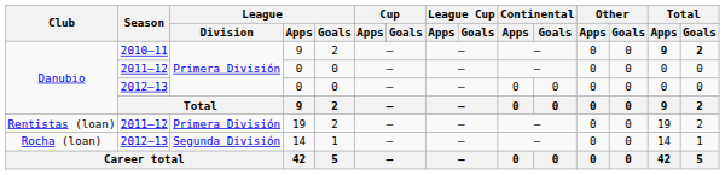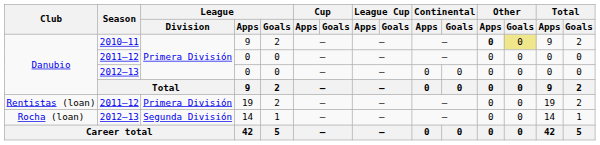 <table class="wikitable" style="text-align:center">
 <tr>
 <th rowspan="2">Club</th>
 <th rowspan="2">Season</th>
 <th colspan="3">League</th>
 <th colspan="2">Cup</th>
 <th colspan="2">League Cup</th>
 <th colspan="2">Continental</th>
 <th colspan="2">Other</th>
 <th colspan="2">Total</th>
 </tr>
 <tr>
 <th>Division</th>
 <th>Apps</th>
 <th>Goals</th>
 <th>Apps</th>
 <th>Goals</th>
 <th>Apps</th>
 <th>Goals</th>
 <th>Apps</th>
 <th>Goals</th>
 <th>Apps</th>
 <th>Goals</th>
 <th>Apps</th>
 <th>Goals</th>
 </tr>
 <tr>
 <td rowspan="4"><a href='#'>Danubio</a></td>
 <td><a href='#'>2010–11</a></td>
 <td rowspan="3"><a href='#'>Primera División</a></td>
 <td>9</td>
 <td>2</td>
 <td colspan="2">—</td>
 <td colspan="2">—</td>
 <td colspan="2">—</td>
-<td>0</td>
-<td>0</td>
-<td><strong>9</strong></td>
-<td><strong>2</strong></td>
+<td><strong>0</strong></td>
+<td style="background: khaki;">0</td>
+<td>9</td>
+<td>2</td>
 </tr>
 <tr>
 <td><a href='#'>2011–12</a></td>
 <td>0</td>
 <td>0</td>
 <td colspan="2">—</td>
 <td colspan="2">—</td>
 <td colspan="2">—</td>
 <td>0</td>
 <td>0</td>
 <td>0</td>
 <td>0</td>
 </tr>
 <tr>
 <td><a href='#'>2012–13</a></td>
 <td>0</td>
 <td>0</td>
 <td colspan="2">—</td>
 <td colspan="2">—</td>
 <td>0</td>
 <td>0</td>
 <td>0</td>
 <td>0</td>
 <td>0</td>
 <td>0</td>
 </tr>
 <tr>
 <th colspan="2">Total</th>
 <th>9</th>
 <th>2</th>
 <th colspan="2">—</th>
 <th colspan="2">—</th>
 <th>0</th>
 <th>0</th>
 <th>0</th>
 <th>0</th>
 <th>9</th>
 <th>2</th>
 </tr>
 <tr>
 <td rowspan="1"><a href='#'>Rentistas</a> (loan)</td>
 <td><a href='#'>2011–12</a></td>
 <td rowspan="1"><a href='#'>Primera División</a></td>
 <td>19</td>
 <td>2</td>
 <td colspan="2">—</td>
 <td colspan="2">—</td>
 <td colspan="2">—</td>
 <td>0</td>
 <td>0</td>
 <td>19</td>
 <td>2</td>
 </tr>
 <tr>
 <td rowspan="1"><a href='#'>Rocha</a> (loan)</td>
 <td><a href='#'>2012–13</a></td>
 <td rowspan="1"><a href='#'>Segunda División</a></td>
 <td>14</td>
 <td>1</td>
 <td colspan="2">—</td>
 <td colspan="2">—</td>
 <td colspan="2">—</td>
 <td>0</td>
 <td>0</td>
 <td>14</td>
 <td>1</td>
 </tr>
 <tr>
 <th colspan="3">Career total</th>
 <th>42</th>
 <th>5</th>
 <th colspan="2">—</th>
 <th colspan="2">—</th>
 <th>0</th>
 <th>0</th>
 <th>0</th>
 <th>0</th>
 <th>42</th>
 <th>5</th>
 </tr>
 </table>
